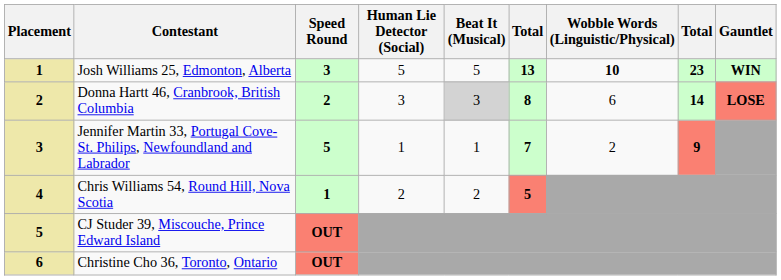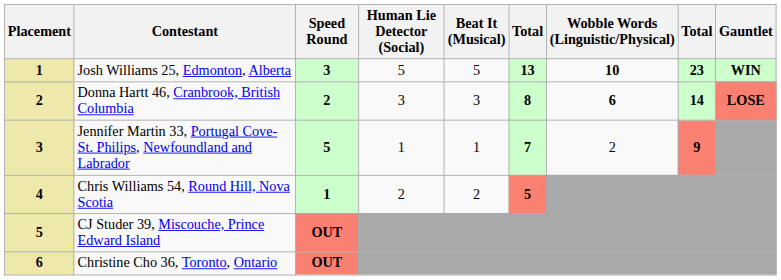 <table class="wikitable" style="text-align:center;">
 <tr>
 <th>Placement</th>
 <th>Contestant</th>
 <th>Speed Round</th>
 <th>Human Lie Detector<br>(Social)</th>
 <th>Beat It<br>(Musical)</th>
 <th>Total</th>
 <th>Wobble Words<br>(Linguistic/Physical)</th>
 <th>Total</th>
 <th>Gauntlet</th>
 </tr>
 <tr>
 <td bgcolor="palegoldenrod"><strong>1</strong></td>
 <td align="left">Josh Williams 25, <a href='#'>Edmonton</a>, <a href='#'>Alberta</a></td>
 <td bgcolor="#cfc"><strong>3</strong></td>
 <td>5</td>
 <td>5</td>
 <td bgcolor="#cfc"><strong>13</strong></td>
 <td><strong>10</strong></td>
 <td bgcolor="#cfc"><strong>23</strong></td>
 <td bgcolor="#cfc"><strong>WIN</strong></td>
 </tr>
 <tr>
 <td bgcolor="palegoldenrod"><strong>2</strong></td>
 <td align="left">Donna Hartt 46, <a href='#'>Cranbrook, British Columbia</a></td>
 <td bgcolor="#cfc"><strong>2</strong></td>
 <td>3</td>
-<td style="background: lightgrey;">3</td>
+<td>3</td>
 <td bgcolor="#cfc"><strong>8</strong></td>
-<td>6</td>
+<td><strong>6</strong></td>
 <td bgcolor="#cfc"><strong>14</strong></td>
 <td bgcolor="salmon"><strong>LOSE</strong></td>
 </tr>
 <tr>
 <td bgcolor="palegoldenrod"><strong>3</strong></td>
 <td align="left">Jennifer Martin 33, <a href='#'>Portugal Cove-St. Philips</a>, <a href='#'>Newfoundland and Labrador</a></td>
 <td bgcolor="#cfc"><strong>5</strong></td>
 <td>1</td>
 <td>1</td>
 <td bgcolor="#cfc"><strong>7</strong></td>
 <td>2</td>
 <td bgcolor="salmon"><strong>9</strong></td>
 <td bgcolor="darkgrey"></td>
 </tr>
 <tr>
 <td bgcolor="palegoldenrod"><strong>4</strong></td>
 <td align="left">Chris Williams 54, <a href='#'>Round Hill, Nova Scotia</a></td>
 <td bgcolor="#cfc"><strong>1</strong></td>
 <td>2</td>
 <td>2</td>
 <td bgcolor="salmon"><strong>5</strong></td>
 <td bgcolor="darkgrey" colspan="3"></td>
 </tr>
 <tr>
 <td bgcolor="palegoldenrod"><strong>5</strong></td>
 <td align="left">CJ Studer 39, <a href='#'>Miscouche, Prince Edward Island</a></td>
 <td bgcolor="salmon"><strong>OUT</strong></td>
 <td bgcolor="darkgrey" colspan="6"></td>
 </tr>
 <tr>
 <td bgcolor="palegoldenrod"><strong>6</strong></td>
 <td align="left">Christine Cho 36, <a href='#'>Toronto</a>, <a href='#'>Ontario</a></td>
 <td bgcolor="salmon"><strong>OUT</strong></td>
 <td bgcolor="darkgrey" colspan="6"></td>
 </tr>
 </table>
